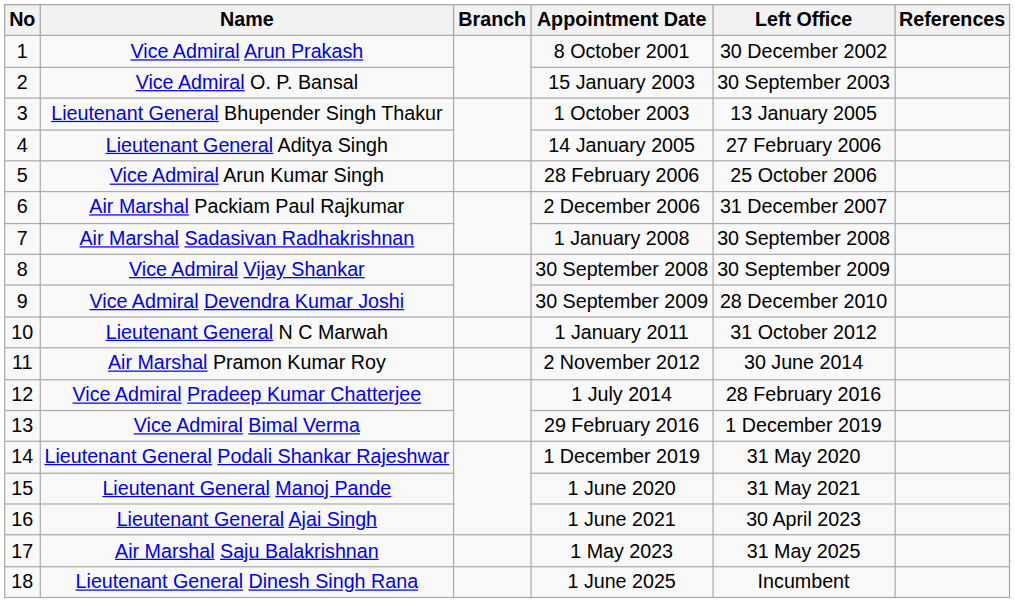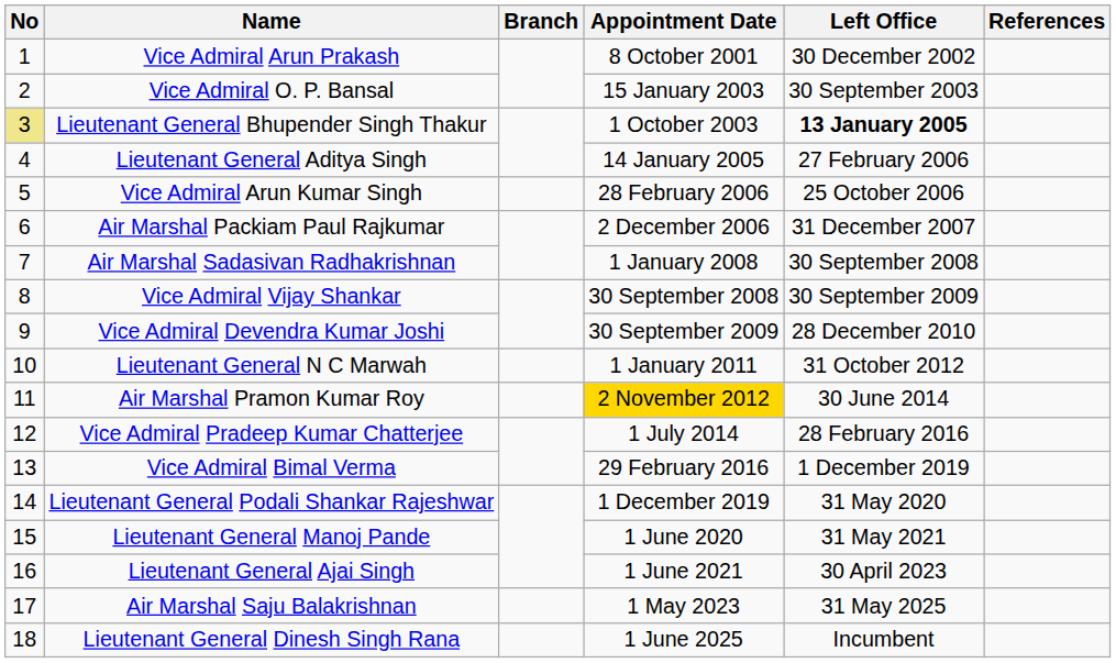 <table class="wikitable" style="text-align:center">
 <tr style="background:#cccccc">
 <th>No</th>
 <th>Name</th>
 <th>Branch</th>
 <th>Appointment Date</th>
 <th>Left Office</th>
 <th>References</th>
 </tr>
 <tr>
 <td>1</td>
 <td><a href='#'>Vice Admiral</a> <a href='#'>Arun Prakash</a> </td>
 <td rowspan="2"></td>
 <td>8 October 2001</td>
 <td>30 December 2002</td>
 <td></td>
 </tr>
 <tr>
 <td>2</td>
 <td><a href='#'>Vice Admiral</a> O. P. Bansal </td>
 <td>15 January 2003</td>
 <td>30 September 2003</td>
 <td></td>
 </tr>
 <tr>
-<td>3</td>
+<td style="background: khaki;">3</td>
 <td><a href='#'>Lieutenant General</a> Bhupender Singh Thakur </td>
 <td rowspan="2"></td>
 <td>1 October 2003</td>
-<td>13 January 2005</td>
+<td><strong>13 January 2005</strong></td>
 <td></td>
 </tr>
 <tr>
 <td>4</td>
 <td><a href='#'>Lieutenant General</a> Aditya Singh </td>
 <td>14 January 2005</td>
 <td>27 February 2006</td>
 <td></td>
 </tr>
 <tr>
 <td>5</td>
 <td><a href='#'>Vice Admiral</a> Arun Kumar Singh </td>
 <td></td>
 <td>28 February 2006</td>
 <td>25 October 2006</td>
 <td></td>
 </tr>
 <tr>
 <td>6</td>
 <td><a href='#'>Air Marshal</a> Packiam Paul Rajkumar </td>
 <td rowspan="2"></td>
 <td>2 December 2006</td>
 <td>31 December 2007</td>
 <td></td>
 </tr>
 <tr>
 <td>7</td>
 <td><a href='#'>Air Marshal</a> <a href='#'>Sadasivan Radhakrishnan</a> </td>
 <td>1 January 2008</td>
 <td>30 September 2008</td>
 <td></td>
 </tr>
 <tr>
 <td>8</td>
 <td><a href='#'>Vice Admiral</a> <a href='#'>Vijay Shankar</a> </td>
 <td rowspan="2"></td>
 <td>30 September 2008</td>
 <td>30 September 2009</td>
 <td></td>
 </tr>
 <tr>
 <td>9</td>
 <td><a href='#'>Vice Admiral</a> <a href='#'>Devendra Kumar Joshi</a> </td>
 <td>30 September 2009</td>
 <td>28 December 2010</td>
 <td></td>
 </tr>
 <tr>
 <td>10</td>
 <td><a href='#'>Lieutenant General</a> N C  Marwah </td>
 <td></td>
 <td>1 January 2011</td>
 <td>31 October 2012</td>
 <td></td>
 </tr>
 <tr>
 <td>11</td>
 <td><a href='#'>Air Marshal</a> Pramon Kumar Roy </td>
 <td></td>
-<td>2 November 2012</td>
+<td style="background: gold;">2 November 2012</td>
 <td>30 June 2014</td>
 <td></td>
 </tr>
 <tr>
 <td>12</td>
 <td><a href='#'>Vice Admiral</a> <a href='#'>Pradeep Kumar Chatterjee</a> </td>
 <td rowspan="2"></td>
 <td>1 July 2014</td>
 <td>28 February 2016</td>
 <td></td>
 </tr>
 <tr>
 <td>13</td>
 <td><a href='#'>Vice Admiral</a> <a href='#'>Bimal Verma</a> </td>
 <td>29 February 2016</td>
 <td>1 December 2019</td>
 <td></td>
 </tr>
 <tr>
 <td>14</td>
 <td><a href='#'>Lieutenant General</a> <a href='#'>Podali Shankar Rajeshwar</a> </td>
 <td rowspan="3"></td>
 <td>1 December 2019</td>
 <td>31 May 2020</td>
 <td></td>
 </tr>
 <tr>
 <td>15</td>
 <td><a href='#'>Lieutenant General</a> <a href='#'>Manoj Pande</a> </td>
 <td>1 June 2020</td>
 <td>31 May 2021</td>
 <td></td>
 </tr>
 <tr>
 <td>16</td>
 <td><a href='#'>Lieutenant General</a> <a href='#'>Ajai Singh</a> </td>
 <td>1 June 2021</td>
 <td>30 April 2023</td>
 <td></td>
 </tr>
 <tr>
 <td>17</td>
 <td><a href='#'>Air Marshal</a> <a href='#'>Saju Balakrishnan</a> </td>
 <td></td>
 <td>1 May 2023</td>
 <td>31 May 2025</td>
 <td></td>
 </tr>
 <tr>
 <td>18</td>
 <td><a href='#'>Lieutenant General</a> <a href='#'>Dinesh Singh Rana</a> </td>
 <td></td>
 <td>1 June 2025</td>
 <td>Incumbent</td>
 <td></td>
 </tr>
 </table>
